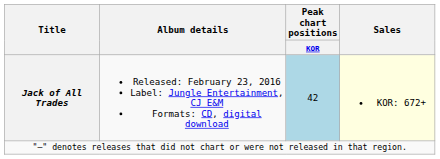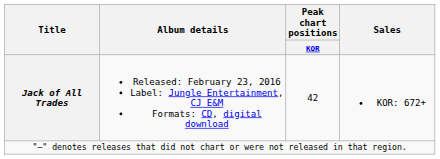 <table class="wikitable plainrowheaders" style="text-align:center;">
 <tr>
 <th scope="col" rowspan="2" style="width:10em;">Title</th>
 <th scope="col" rowspan="2" style="width:20em;">Album details</th>
 <th scope="col" colspan="1" style="width:5em;">Peak chart positions</th>
 <th scope="col" rowspan="2" style="width:10em;">Sales</th>
 </tr>
 <tr>
 <th><small><a href='#'>KOR</a></small><br></th>
 </tr>
 <tr>
 <th scope="row"><em>Jack of All Trades</em></th>
 <td><br><ul><li>Released: February 23, 2016</li><li>Label: <a href='#'>Jungle Entertainment</a>, <a href='#'>CJ E&M</a></li><li>Formats: <a href='#'>CD</a>, <a href='#'>digital download</a></li></ul></td>
-<td style="background: lightblue;">42</td>
-<td style="background: lightyellow;"><br><ul><li>KOR: 672+</li></ul></td>
+<td>42</td>
+<td><br><ul><li>KOR: 672+</li></ul></td>
 </tr>
 <tr>
 <td colspan="4" style="font-size:90%">"—" denotes releases that did not chart or were not released in that region.</td>
 </tr>
 </table>
